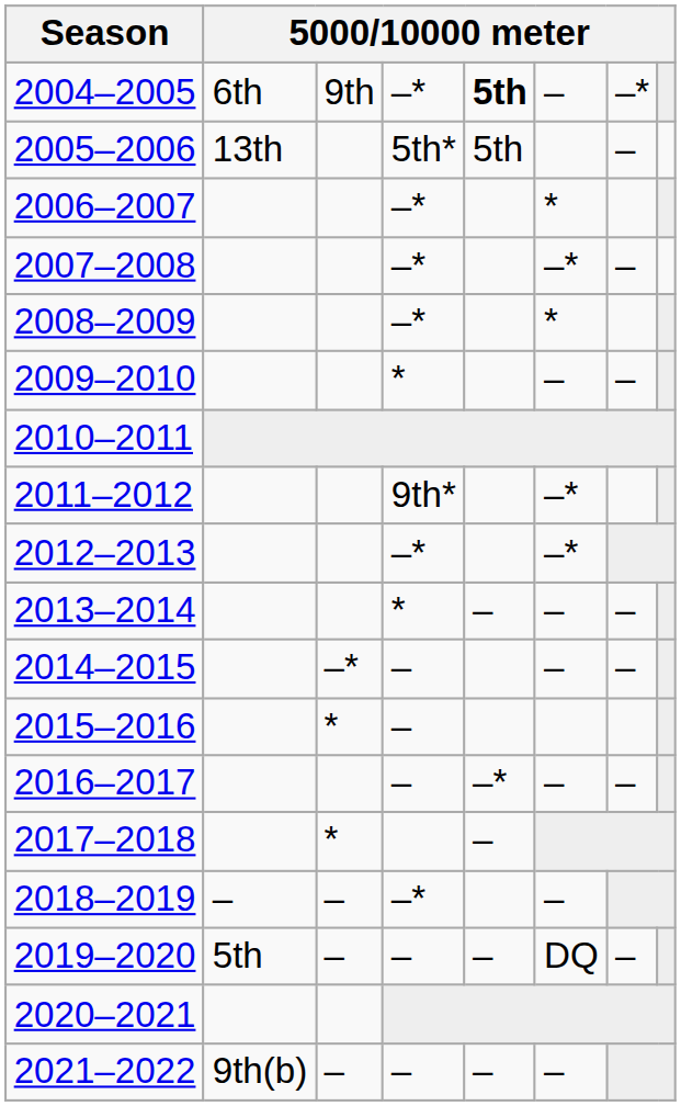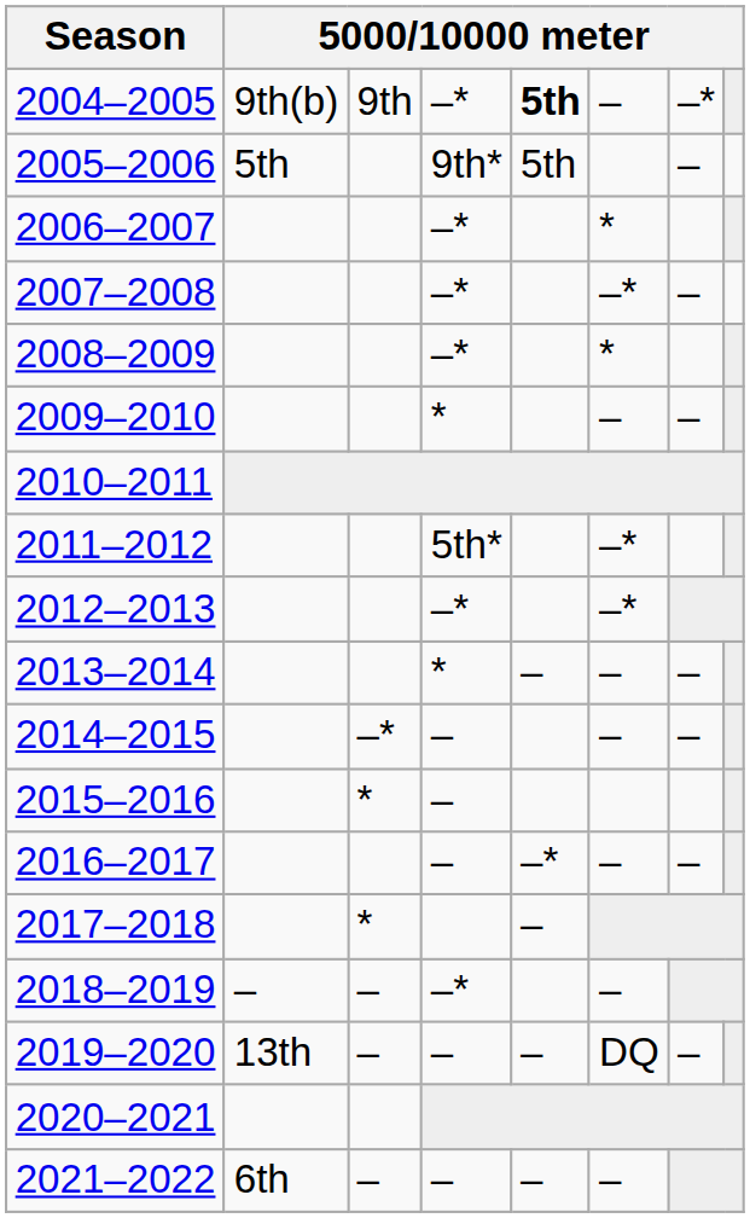 <table class="wikitable" style="display: inline-table;">
 <tr>
 <th>Season</th>
 <th colspan="7">5000/10000 meter</th>
 </tr>
 <tr>
 <td><a href='#'>2004–2005</a></td>
-<td>6th</td>
+<td>9th(b)</td>
 <td>9th</td>
 <td>–*</td>
 <td><strong>5th</strong></td>
 <td>–</td>
 <td>–*</td>
 <td colspan="1" bgcolor=#EEEEEE></td>
 </tr>
 <tr>
 <td><a href='#'>2005–2006</a></td>
-<td>13th</td>
+<td>5th</td>
 <td></td>
-<td>5th*</td>
+<td>9th*</td>
 <td>5th</td>
 <td></td>
 <td>–</td>
 <td></td>
 </tr>
 <tr>
 <td><a href='#'>2006–2007</a></td>
 <td></td>
 <td></td>
 <td>–*</td>
 <td></td>
 <td>*</td>
 <td></td>
 <td colspan="1" bgcolor=#EEEEEE></td>
 </tr>
 <tr>
 <td><a href='#'>2007–2008</a></td>
 <td></td>
 <td></td>
 <td>–*</td>
 <td></td>
 <td>–*</td>
 <td>–</td>
 <td></td>
 </tr>
 <tr>
 <td><a href='#'>2008–2009</a></td>
 <td></td>
 <td></td>
 <td>–*</td>
 <td></td>
 <td>*</td>
 <td></td>
 <td colspan="1" bgcolor=#EEEEEE></td>
 </tr>
 <tr>
 <td><a href='#'>2009–2010</a></td>
 <td></td>
 <td></td>
 <td>*</td>
 <td></td>
 <td>–</td>
 <td>–</td>
 <td colspan="1" bgcolor=#EEEEEE></td>
 </tr>
 <tr>
 <td><a href='#'>2010–2011</a></td>
 <td colspan="7" bgcolor=#EEEEEE></td>
 </tr>
 <tr>
 <td><a href='#'>2011–2012</a></td>
 <td></td>
 <td></td>
-<td>9th*</td>
+<td>5th*</td>
 <td></td>
 <td>–*</td>
 <td></td>
 <td colspan="1" bgcolor=#EEEEEE></td>
 </tr>
 <tr>
 <td><a href='#'>2012–2013</a></td>
 <td></td>
 <td></td>
 <td>–*</td>
 <td></td>
 <td>–*</td>
 <td colspan="2" bgcolor=#EEEEEE></td>
 </tr>
 <tr>
 <td><a href='#'>2013–2014</a></td>
 <td></td>
 <td></td>
 <td>*</td>
 <td>–</td>
 <td>–</td>
 <td>–</td>
 <td colspan="1" bgcolor=#EEEEEE></td>
 </tr>
 <tr>
 <td><a href='#'>2014–2015</a></td>
 <td></td>
 <td>–*</td>
 <td>–</td>
 <td></td>
 <td>–</td>
 <td>–</td>
 <td colspan="1" bgcolor=#EEEEEE></td>
 </tr>
 <tr>
 <td><a href='#'>2015–2016</a></td>
 <td></td>
 <td>*</td>
 <td>–</td>
 <td></td>
 <td></td>
 <td></td>
 <td colspan="1" bgcolor=#EEEEEE></td>
 </tr>
 <tr>
 <td><a href='#'>2016–2017</a></td>
 <td></td>
 <td></td>
 <td>–</td>
 <td>–*</td>
 <td>–</td>
 <td>–</td>
 <td colspan="1" bgcolor=#EEEEEE></td>
 </tr>
 <tr>
 <td><a href='#'>2017–2018</a></td>
 <td></td>
 <td>*</td>
 <td></td>
 <td>–</td>
 <td colspan="3" bgcolor=#EEEEEE></td>
 </tr>
 <tr>
 <td><a href='#'>2018–2019</a></td>
 <td>–</td>
 <td>–</td>
 <td>–*</td>
 <td></td>
 <td>–</td>
 <td colspan="2" bgcolor=#EEEEEE></td>
 </tr>
 <tr>
 <td><a href='#'>2019–2020</a></td>
-<td>5th</td>
+<td>13th</td>
 <td>–</td>
 <td>–</td>
 <td>–</td>
 <td>DQ</td>
 <td>–</td>
 <td colspan="1" bgcolor=#EEEEEE></td>
 </tr>
 <tr>
 <td><a href='#'>2020–2021</a></td>
 <td></td>
 <td></td>
 <td colspan="5" bgcolor=#EEEEEE></td>
 </tr>
 <tr>
 <td><a href='#'>2021–2022</a></td>
-<td>9th(b)</td>
+<td>6th</td>
 <td>–</td>
 <td>–</td>
 <td>–</td>
 <td>–</td>
 <td colspan="2" bgcolor=#EEEEEE></td>
 </tr>
 </table>
